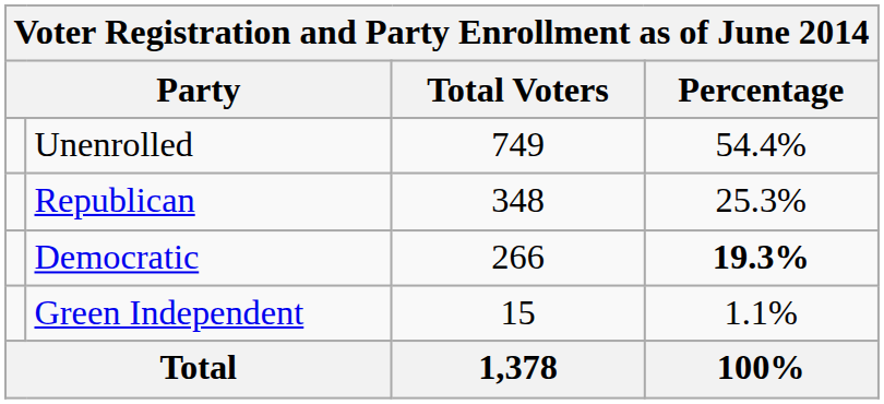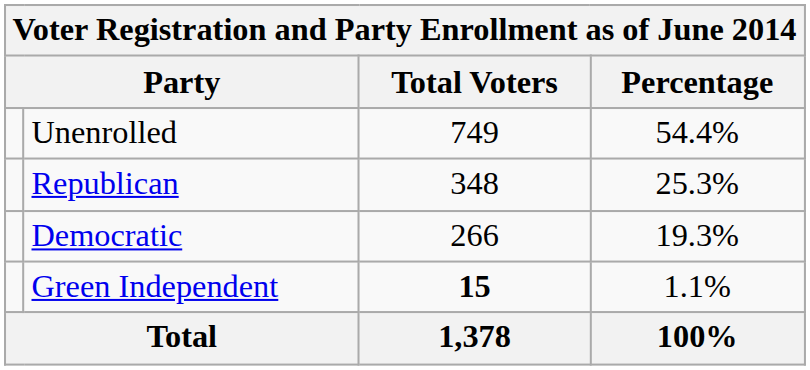 <table class=wikitable>
 <tr>
 <th colspan = 6>Voter Registration and Party Enrollment as of June 2014</th>
 </tr>
 <tr>
 <th colspan = 2>Party</th>
 <th>Total Voters</th>
 <th>Percentage</th>
 </tr>
 <tr>
 <td></td>
 <td>Unenrolled</td>
 <td align = center>749</td>
 <td align = center>54.4%</td>
 </tr>
 <tr>
 <td></td>
 <td><a href='#'>Republican</a></td>
 <td align = center>348</td>
 <td align = center>25.3%</td>
 </tr>
 <tr>
 <td></td>
 <td><a href='#'>Democratic</a></td>
 <td align = center>266</td>
-<td align = center><strong>19.3%</strong></td>
+<td align = center>19.3%</td>
 </tr>
 <tr>
 <td></td>
 <td><a href='#'>Green Independent</a></td>
-<td align = center>15</td>
+<td align = center><strong>15</strong></td>
 <td align = center>1.1%</td>
 </tr>
 <tr>
 <th colspan = 2>Total</th>
 <th align = center>1,378</th>
 <th align = center>100%</th>
 </tr>
 </table>
